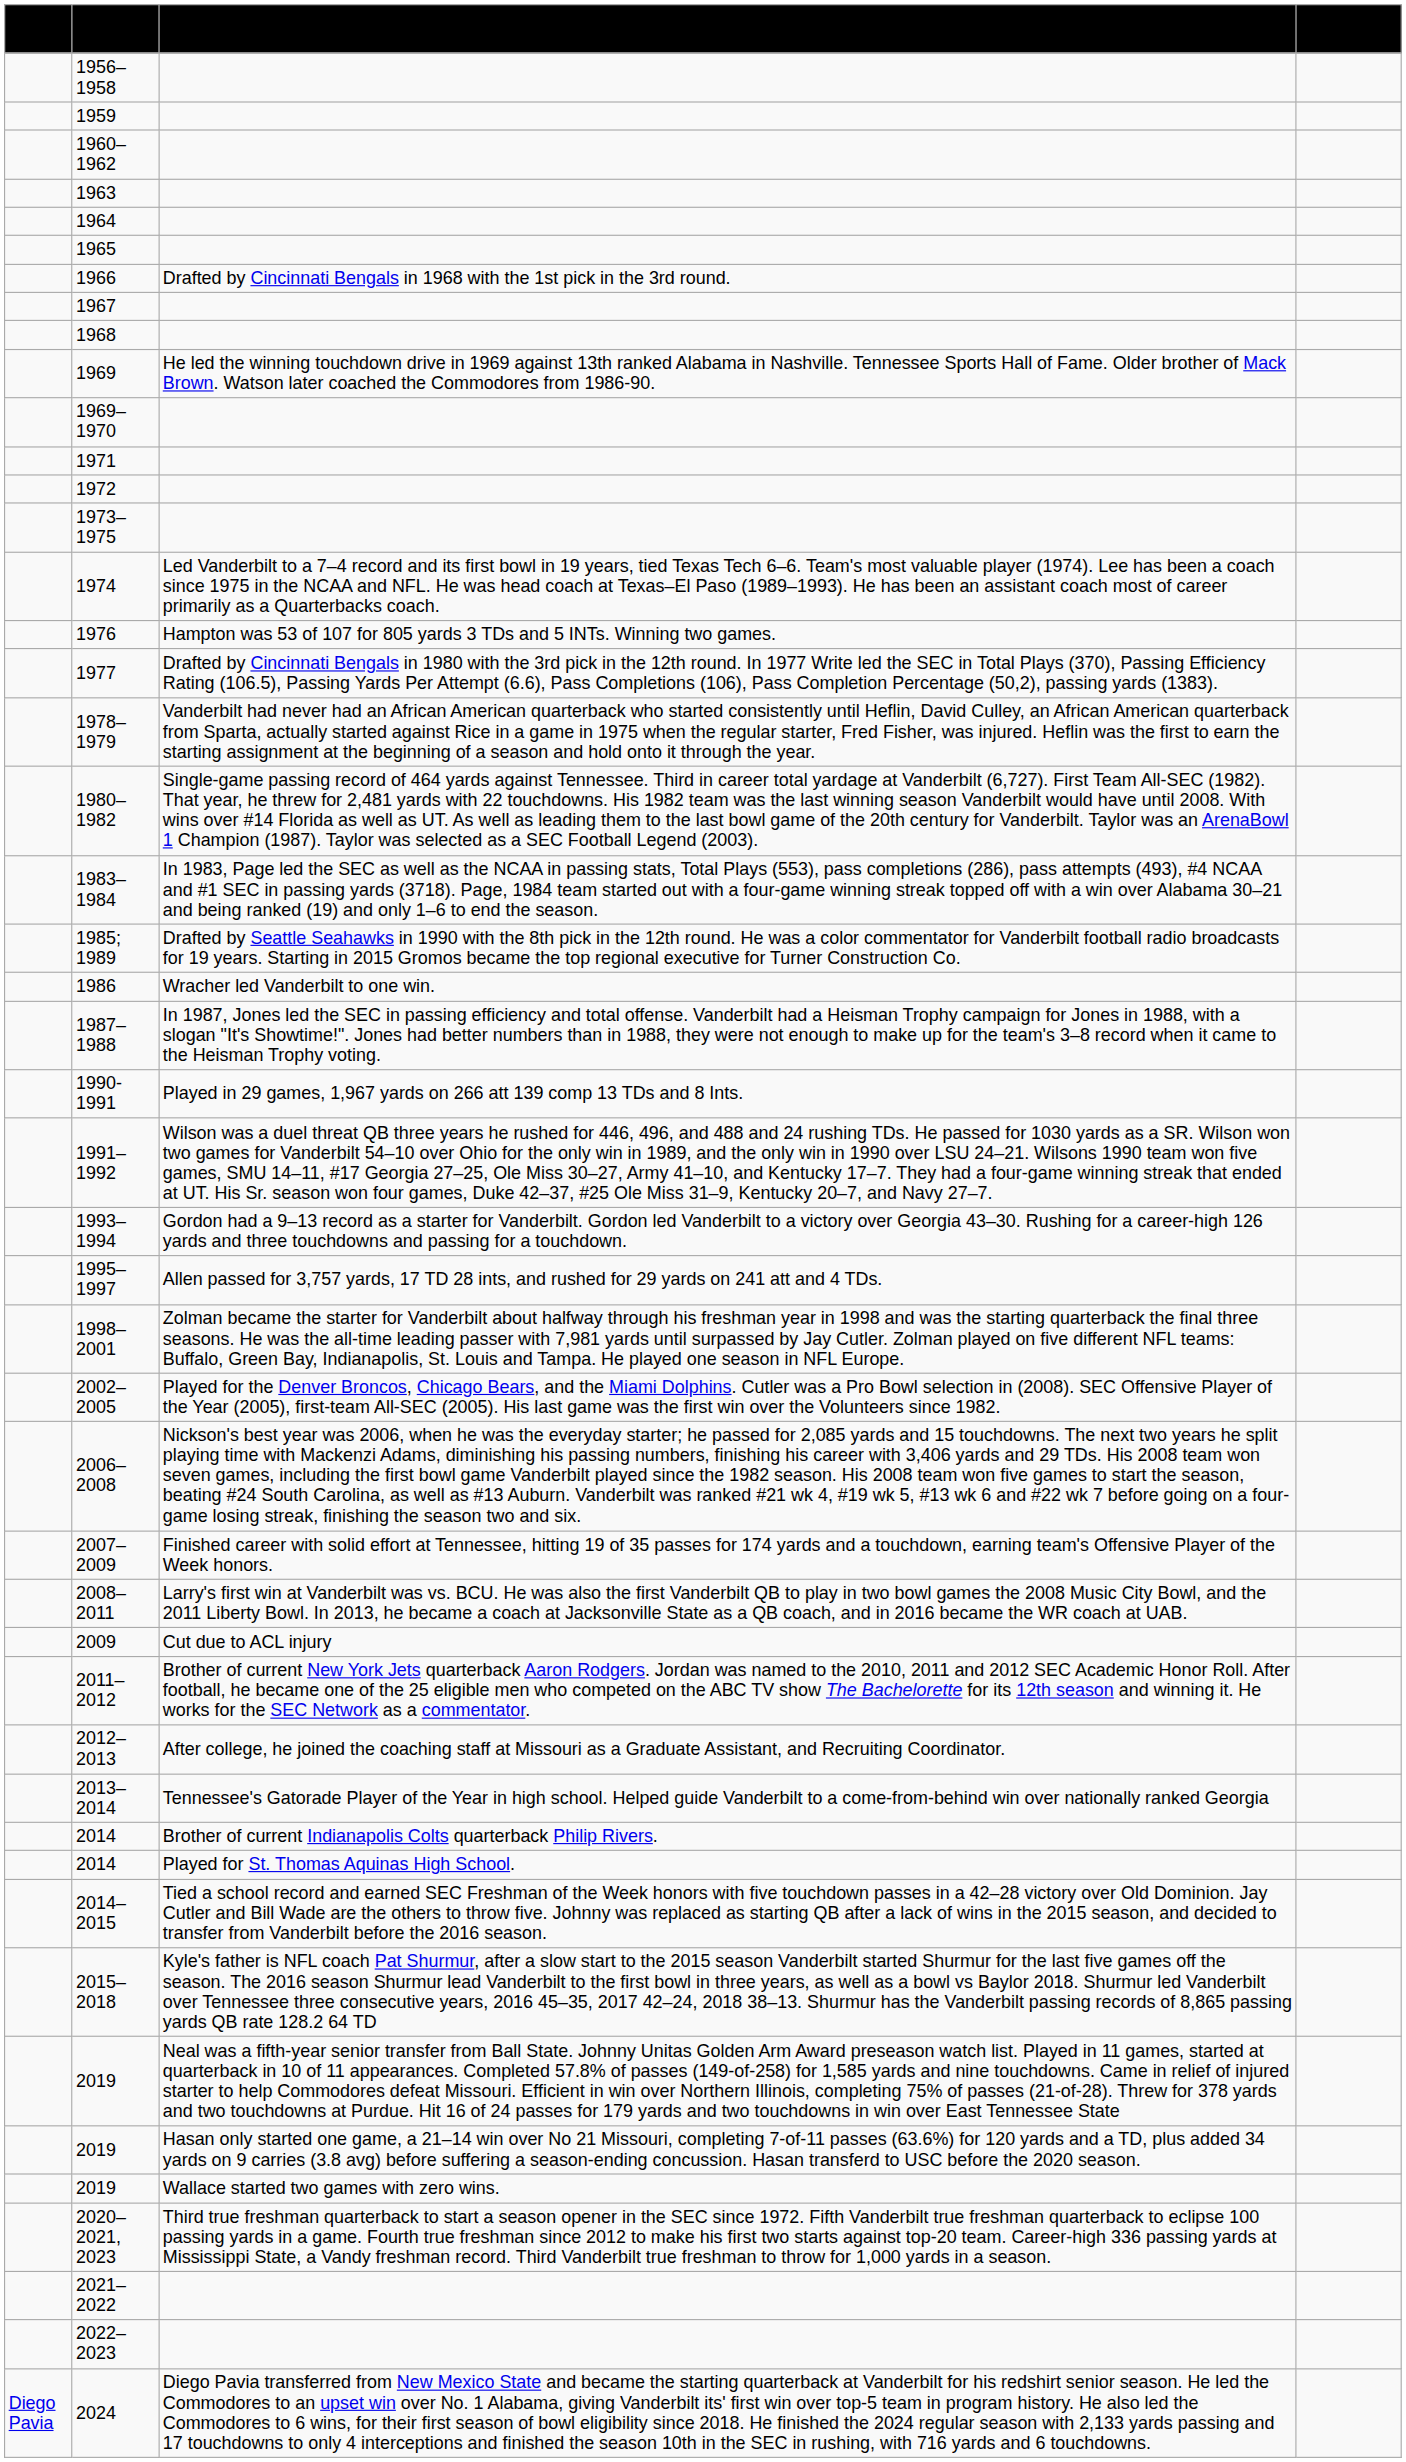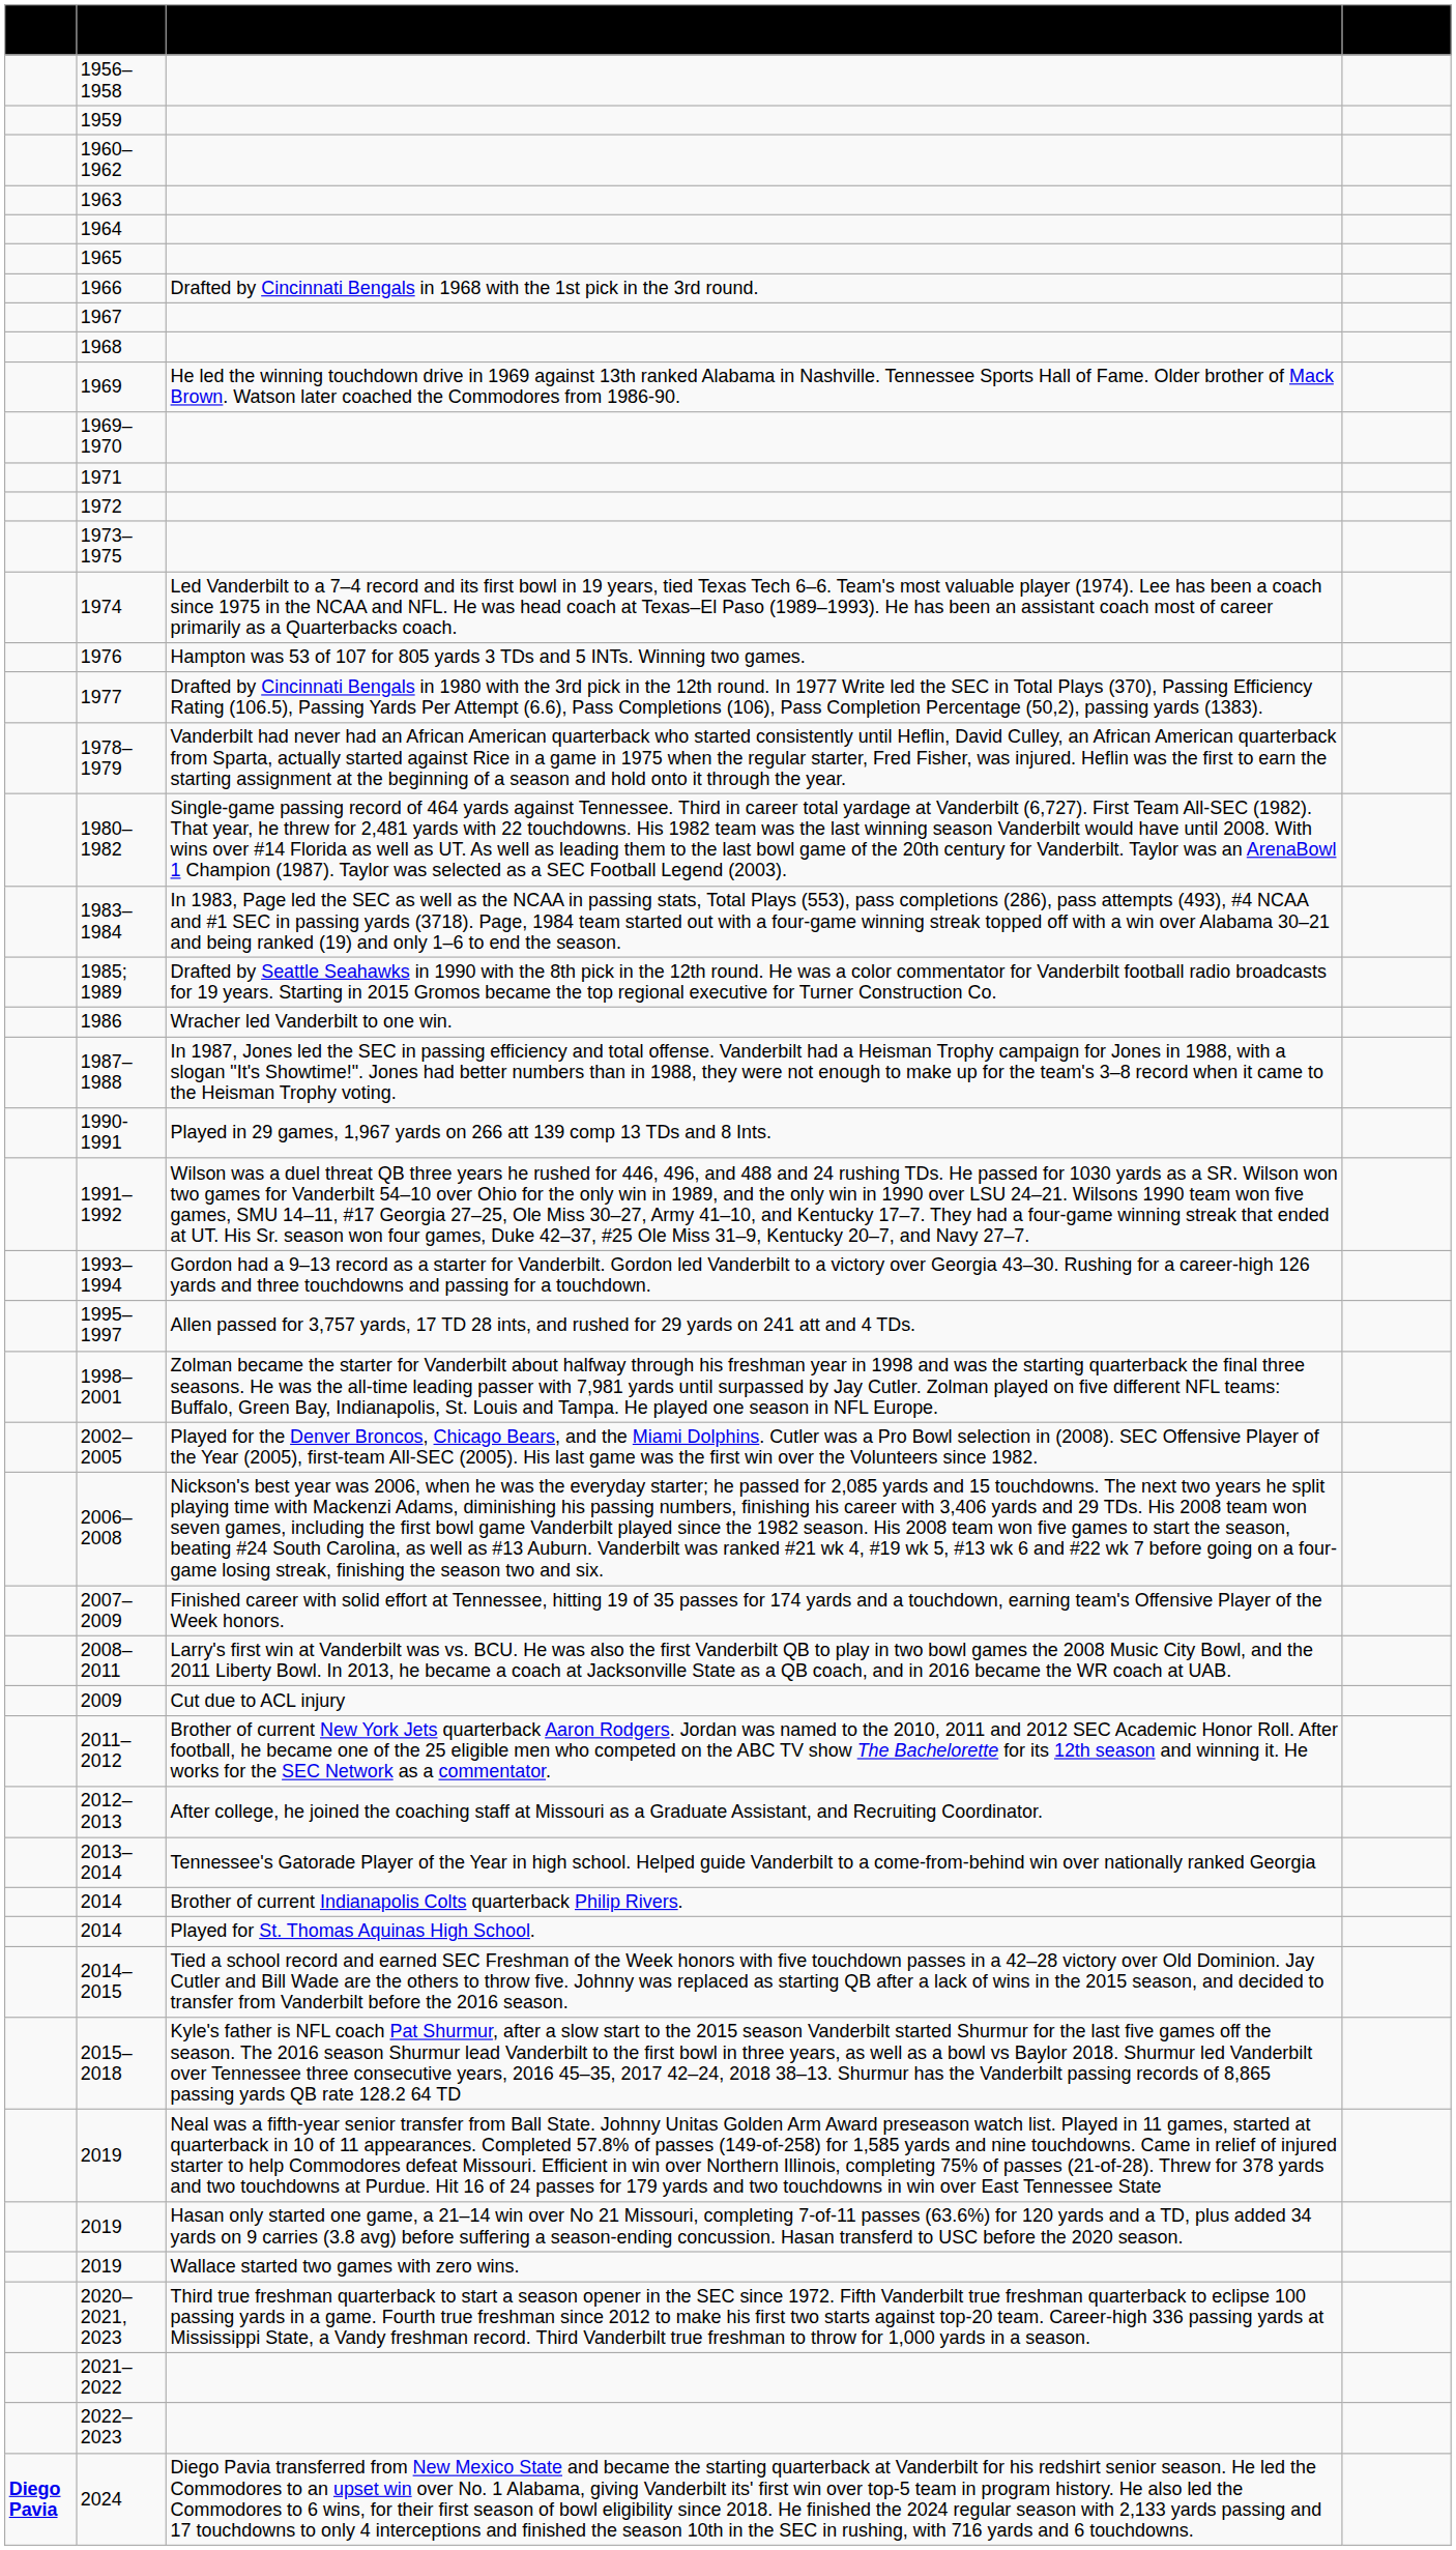 <table class="wikitable sortable" style="text-align:left;">
 <tr>
 <th style="background:#000000;"><span>Name</span></th>
 <th style="background:#000000;"><span>Years Started</span></th>
 <th style="background:#000000;"><span>Notability</span></th>
 <th style="background:#000000;"><span>References</span></th>
 </tr>
 <tr>
 <td></td>
 <td>1956–1958</td>
 <td></td>
 <td></td>
 </tr>
 <tr>
 <td></td>
 <td>1959</td>
 <td></td>
 <td></td>
 </tr>
 <tr>
 <td></td>
 <td>1960–1962</td>
 <td></td>
 <td></td>
 </tr>
 <tr>
 <td></td>
 <td>1963</td>
 <td></td>
 <td></td>
 </tr>
 <tr>
 <td></td>
 <td>1964</td>
 <td></td>
 <td></td>
 </tr>
 <tr>
 <td></td>
 <td>1965</td>
 <td></td>
 <td></td>
 </tr>
 <tr>
 <td></td>
 <td>1966</td>
 <td>Drafted by <a href='#'>Cincinnati Bengals</a> in 1968 with the 1st pick in the 3rd round.</td>
 <td></td>
 </tr>
 <tr>
 <td></td>
 <td>1967</td>
 <td></td>
 <td></td>
 </tr>
 <tr>
 <td></td>
 <td>1968</td>
 <td></td>
 <td></td>
 </tr>
 <tr>
 <td></td>
 <td>1969</td>
 <td>He led the winning touchdown drive in 1969 against 13th ranked Alabama in Nashville. Tennessee Sports Hall of Fame. Older brother of <a href='#'>Mack Brown</a>. Watson later coached the Commodores from 1986-90.</td>
 <td></td>
 </tr>
 <tr>
 <td></td>
 <td>1969–1970</td>
 <td></td>
 <td></td>
 </tr>
 <tr>
 <td></td>
 <td>1971</td>
 <td></td>
 <td></td>
 </tr>
 <tr>
 <td></td>
 <td>1972</td>
 <td></td>
 <td></td>
 </tr>
 <tr>
 <td></td>
 <td>1973–1975</td>
 <td></td>
 <td></td>
 </tr>
 <tr>
 <td></td>
 <td>1974</td>
 <td>Led Vanderbilt to a 7–4 record and its first bowl in 19 years, tied Texas Tech 6–6. Team's most valuable player (1974). Lee has been a coach since 1975 in the NCAA and NFL. He was head coach at Texas–El Paso (1989–1993). He has been an assistant coach most of career primarily as a Quarterbacks coach.</td>
 <td></td>
 </tr>
 <tr>
 <td></td>
 <td>1976</td>
 <td>Hampton was 53 of 107 for 805 yards 3 TDs and 5 INTs. Winning two games.</td>
 <td></td>
 </tr>
 <tr>
 <td></td>
 <td>1977</td>
 <td>Drafted by <a href='#'>Cincinnati Bengals</a> in 1980 with the 3rd pick in the 12th round. In 1977 Write led the SEC in Total Plays (370), Passing Efficiency Rating (106.5), Passing Yards Per Attempt (6.6), Pass Completions (106), Pass Completion Percentage (50,2), passing yards (1383).</td>
 <td></td>
 </tr>
 <tr>
 <td></td>
 <td>1978–1979</td>
 <td>Vanderbilt had never had an African American quarterback who started consistently until Heflin, David Culley, an African American quarterback from Sparta, actually started against Rice in a game in 1975 when the regular starter, Fred Fisher, was injured. Heflin was the first to earn the starting assignment at the beginning of a season and hold onto it through the year.</td>
 <td></td>
 </tr>
 <tr>
 <td></td>
 <td>1980–1982</td>
 <td>Single-game passing record of 464 yards against Tennessee. Third in career total yardage at Vanderbilt (6,727). First Team All-SEC (1982). That year, he threw for 2,481 yards with 22 touchdowns. His 1982 team was the last winning season Vanderbilt would have until 2008. With wins over #14 Florida as well as UT. As well as leading them to the last bowl game of the 20th century for Vanderbilt. Taylor was an <a href='#'>ArenaBowl 1</a> Champion (1987). Taylor was selected as a SEC Football Legend (2003).</td>
 <td></td>
 </tr>
 <tr>
 <td></td>
 <td>1983–1984</td>
 <td>In 1983, Page led the SEC as well as the NCAA in passing stats, Total Plays (553), pass completions (286), pass attempts (493), #4 NCAA and #1 SEC in passing yards (3718). Page, 1984 team started out with a four-game winning streak topped off with a win over Alabama 30–21 and being ranked (19) and only 1–6 to end the season.</td>
 <td></td>
 </tr>
 <tr>
 <td></td>
 <td>1985; 1989</td>
 <td>Drafted by <a href='#'>Seattle Seahawks</a> in 1990 with the 8th pick in the 12th round. He was a color commentator for Vanderbilt football radio broadcasts for 19 years. Starting in 2015 Gromos became the top regional executive for Turner Construction Co.</td>
 <td></td>
 </tr>
 <tr>
 <td></td>
 <td>1986</td>
 <td>Wracher led Vanderbilt to one win.</td>
 <td></td>
 </tr>
 <tr>
 <td></td>
 <td>1987–1988</td>
 <td>In 1987, Jones led the SEC in passing efficiency and total offense. Vanderbilt had a Heisman Trophy campaign for Jones in 1988, with a slogan "It's Showtime!". Jones had better numbers than in 1988, they were not enough to make up for the team's 3–8 record when it came to the Heisman Trophy voting.</td>
 <td></td>
 </tr>
 <tr>
 <td></td>
 <td>1990-1991</td>
 <td>Played in 29 games, 1,967 yards on 266 att 139 comp 13 TDs and 8 Ints.</td>
 <td></td>
 </tr>
 <tr>
 <td></td>
 <td>1991–1992</td>
 <td>Wilson was a duel threat QB three years he rushed for 446, 496, and 488 and 24 rushing TDs. He passed for 1030 yards as a SR. Wilson won two games for Vanderbilt 54–10 over Ohio for the only win in 1989, and the only win in 1990 over LSU 24–21. Wilsons 1990 team won five games, SMU 14–11, #17 Georgia 27–25, Ole Miss 30–27, Army 41–10, and Kentucky 17–7. They had a four-game winning streak that ended at UT. His Sr. season won four games, Duke 42–37, #25 Ole Miss 31–9, Kentucky 20–7, and Navy 27–7.</td>
 <td></td>
 </tr>
 <tr>
 <td></td>
 <td>1993–1994</td>
 <td>Gordon had a 9–13 record as a starter for Vanderbilt. Gordon led Vanderbilt to a victory over Georgia 43–30. Rushing for a career-high 126 yards and three touchdowns and passing for a touchdown.</td>
 <td></td>
 </tr>
 <tr>
 <td></td>
 <td>1995–1997</td>
 <td>Allen passed for 3,757 yards, 17 TD 28 ints, and rushed for 29 yards on 241 att and 4 TDs.</td>
 <td></td>
 </tr>
 <tr>
 <td></td>
 <td>1998–2001</td>
 <td>Zolman became the starter for Vanderbilt about halfway through his freshman year in 1998 and was the starting quarterback the final three seasons. He was the all-time leading passer with 7,981 yards until surpassed by Jay Cutler. Zolman played on five different NFL teams: Buffalo, Green Bay, Indianapolis, St. Louis and Tampa. He played one season in NFL Europe.</td>
 <td></td>
 </tr>
 <tr>
 <td></td>
 <td>2002–2005</td>
 <td>Played for the <a href='#'>Denver Broncos</a>, <a href='#'>Chicago Bears</a>, and the <a href='#'>Miami Dolphins</a>. Cutler was a Pro Bowl selection in (2008). SEC Offensive Player of the Year (2005), first-team All-SEC (2005). His last game was the first win over the Volunteers since 1982.</td>
 <td></td>
 </tr>
 <tr>
 <td></td>
 <td>2006–2008</td>
 <td>Nickson's best year was 2006, when he was the everyday starter; he passed for 2,085 yards and 15 touchdowns. The next two years he split playing time with Mackenzi Adams, diminishing his passing numbers, finishing his career with 3,406 yards and 29 TDs. His 2008 team won seven games, including the first bowl game Vanderbilt played since the 1982 season. His 2008 team won five games to start the season, beating #24 South Carolina, as well as #13 Auburn. Vanderbilt was ranked #21 wk 4, #19 wk 5, #13 wk 6 and #22 wk 7 before going on a four-game losing streak, finishing the season two and six.</td>
 <td></td>
 </tr>
 <tr>
 <td></td>
 <td>2007–2009</td>
 <td>Finished career with solid effort at Tennessee, hitting 19 of 35 passes for 174 yards and a touchdown, earning team's Offensive Player of the Week honors.</td>
 <td></td>
 </tr>
 <tr>
 <td></td>
 <td>2008–2011</td>
 <td>Larry's first win at Vanderbilt was vs. BCU. He was also the first Vanderbilt QB to play in two bowl games the 2008 Music City Bowl, and the 2011 Liberty Bowl. In 2013, he became a coach at Jacksonville State as a QB coach, and in 2016 became the WR coach at UAB.</td>
 <td></td>
 </tr>
 <tr>
 <td></td>
 <td>2009</td>
 <td>Cut due to ACL injury</td>
 <td></td>
 </tr>
 <tr>
 <td></td>
 <td>2011–2012</td>
 <td>Brother of current <a href='#'>New York Jets</a> quarterback <a href='#'>Aaron Rodgers</a>. Jordan was named to the 2010, 2011 and 2012 SEC Academic Honor Roll. After football, he became one of the 25 eligible men who competed on the ABC TV show <em><a href='#'>The Bachelorette</a></em> for its <a href='#'>12th season</a> and winning it. He works for the <a href='#'>SEC Network</a> as a <a href='#'>commentator</a>.</td>
 <td></td>
 </tr>
 <tr>
 <td></td>
 <td>2012–2013</td>
 <td>After college, he joined the coaching staff at Missouri as a Graduate Assistant, and Recruiting Coordinator.</td>
 <td></td>
 </tr>
 <tr>
 <td></td>
 <td>2013–2014</td>
 <td>Tennessee's Gatorade Player of the Year in high school. Helped guide Vanderbilt to a come-from-behind win over nationally ranked Georgia</td>
 <td></td>
 </tr>
 <tr>
 <td></td>
 <td>2014</td>
 <td>Brother of current <a href='#'>Indianapolis Colts</a> quarterback <a href='#'>Philip Rivers</a>.</td>
 <td></td>
 </tr>
 <tr>
 <td></td>
 <td>2014</td>
 <td>Played for <a href='#'>St. Thomas Aquinas High School</a>.</td>
 <td></td>
 </tr>
 <tr>
 <td></td>
 <td>2014–2015</td>
 <td>Tied a school record and earned SEC Freshman of the Week honors with five touchdown passes in a 42–28 victory over Old Dominion. Jay Cutler and Bill Wade are the others to throw five. Johnny was replaced as starting QB after a lack of wins in the 2015 season, and decided to transfer from Vanderbilt before the 2016 season.</td>
 <td></td>
 </tr>
 <tr>
 <td></td>
 <td>2015–2018</td>
 <td>Kyle's father is NFL coach <a href='#'>Pat Shurmur</a>, after a slow start to the 2015 season Vanderbilt started Shurmur for the last five games off the season. The 2016 season Shurmur lead Vanderbilt to the first bowl in three years, as well as a bowl vs Baylor 2018. Shurmur led Vanderbilt over Tennessee three consecutive years, 2016 45–35, 2017 42–24, 2018 38–13. Shurmur has the Vanderbilt passing records of 8,865 passing yards QB rate 128.2 64 TD</td>
 <td></td>
 </tr>
 <tr>
 <td></td>
 <td>2019</td>
 <td>Neal was a fifth-year senior transfer from Ball State. Johnny Unitas Golden Arm Award preseason watch list. Played in 11 games, started at quarterback in 10 of 11 appearances. Completed 57.8% of passes (149-of-258) for 1,585 yards and nine touchdowns. Came in relief of injured starter to help Commodores defeat Missouri. Efficient in win over Northern Illinois, completing 75% of passes (21-of-28). Threw for 378 yards and two touchdowns at Purdue. Hit 16 of 24 passes for 179 yards and two touchdowns in win over East Tennessee State</td>
 <td></td>
 </tr>
 <tr>
 <td></td>
 <td>2019</td>
 <td>Hasan only started one game, a 21–14 win over No 21 Missouri, completing 7-of-11 passes (63.6%) for 120 yards and a TD, plus added 34 yards on 9 carries (3.8 avg) before suffering a season-ending concussion. Hasan transferd to USC before the 2020 season.</td>
 <td></td>
 </tr>
 <tr>
 <td></td>
 <td>2019</td>
 <td>Wallace started two games with zero wins.</td>
 <td></td>
 </tr>
 <tr>
 <td></td>
 <td>2020–2021, 2023</td>
 <td>Third true freshman quarterback to start a season opener in the SEC since 1972. Fifth Vanderbilt true freshman quarterback to eclipse 100 passing yards in a game. Fourth true freshman since 2012 to make his first two starts against top-20 team. Career-high 336 passing yards at Mississippi State, a Vandy freshman record. Third Vanderbilt true freshman to throw for 1,000 yards in a season.</td>
 <td></td>
 </tr>
 <tr>
 <td></td>
 <td>2021–2022</td>
 <td></td>
 <td></td>
 </tr>
 <tr>
 <td></td>
 <td>2022–2023</td>
 <td></td>
 <td></td>
 </tr>
 <tr>
-<td><a href='#'>Diego Pavia</a></td>
+<td><strong><a href='#'>Diego Pavia</a></strong></td>
 <td>2024</td>
 <td>Diego Pavia transferred from <a href='#'>New Mexico State</a> and became the starting quarterback at Vanderbilt for his redshirt senior season. He led the Commodores to an <a href='#'>upset win</a> over No. 1 Alabama, giving Vanderbilt its' first win over top-5 team in program history. He also led the Commodores to 6 wins, for their first season of bowl eligibility since 2018. He finished the 2024 regular season with 2,133 yards passing and 17 touchdowns to only 4 interceptions and finished the season 10th in the SEC in rushing, with 716 yards and 6 touchdowns.</td>
 <td></td>
 </tr>
 </table>
